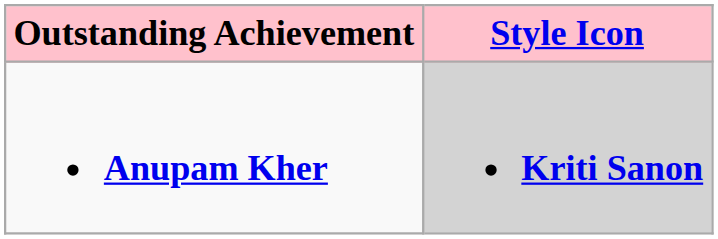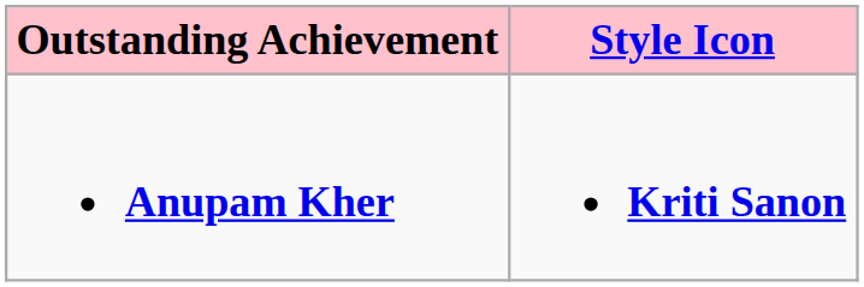 <table class=wikitable style="width="150%">
 <tr>
 <th style="background:#FFC1CC;" ! style="width=50%">Outstanding Achievement</th>
 <th style="background:#FFC1CC;" ! style="width=50%"><a href='#'>Style Icon</a></th>
 </tr>
 <tr>
 <td valign="top"><br><ul><li><strong><a href='#'>Anupam Kher</a></strong></li></ul></td>
-<td valign="top" style="background: lightgrey;"><br><ul><li><strong><a href='#'>Kriti Sanon</a></strong></li></ul></td>
+<td valign="top"><br><ul><li><strong><a href='#'>Kriti Sanon</a></strong></li></ul></td>
 </tr>
 </table>
